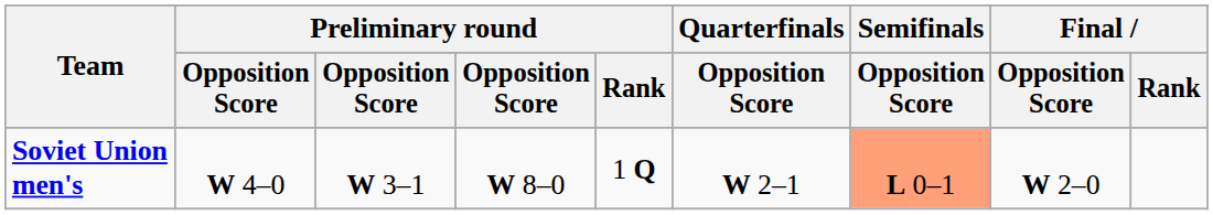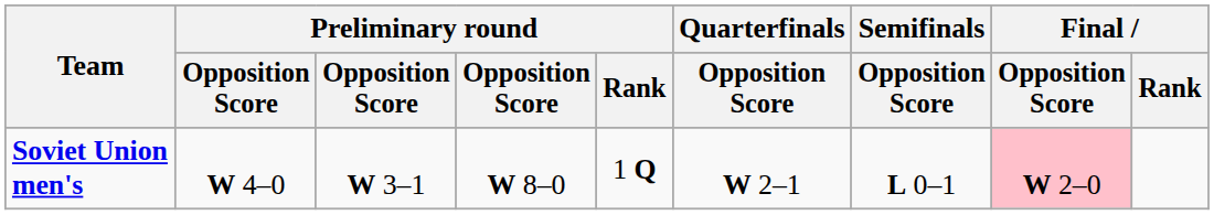 <table class="wikitable" style="text-align:center;font-size:90%">
 <tr>
 <th rowspan=2>Team</th>
 <th colspan=4>Preliminary round</th>
 <th>Quarterfinals</th>
 <th>Semifinals</th>
 <th colspan=2>Final / </th>
 </tr>
 <tr style="font-size:95%">
 <th>Opposition<br>Score</th>
 <th>Opposition<br>Score</th>
 <th>Opposition<br>Score</th>
 <th>Rank</th>
 <th>Opposition<br>Score</th>
 <th>Opposition<br>Score</th>
 <th>Opposition<br>Score</th>
 <th>Rank</th>
 </tr>
 <tr>
 <td align=left><strong><a href='#'>Soviet Union men's</a></strong></td>
 <td><br><strong>W</strong> 4–0</td>
 <td><br><strong>W</strong> 3–1</td>
 <td><br><strong>W</strong> 8–0</td>
 <td>1 <strong>Q</strong></td>
 <td><br><strong>W</strong> 2–1</td>
-<td style="background: lightsalmon;"><br><strong>L</strong> 0–1</td>
-<td><br><strong>W</strong> 2–0</td>
+<td><br><strong>L</strong> 0–1</td>
+<td style="background: pink;"><br><strong>W</strong> 2–0</td>
 <td></td>
 </tr>
 </table>
